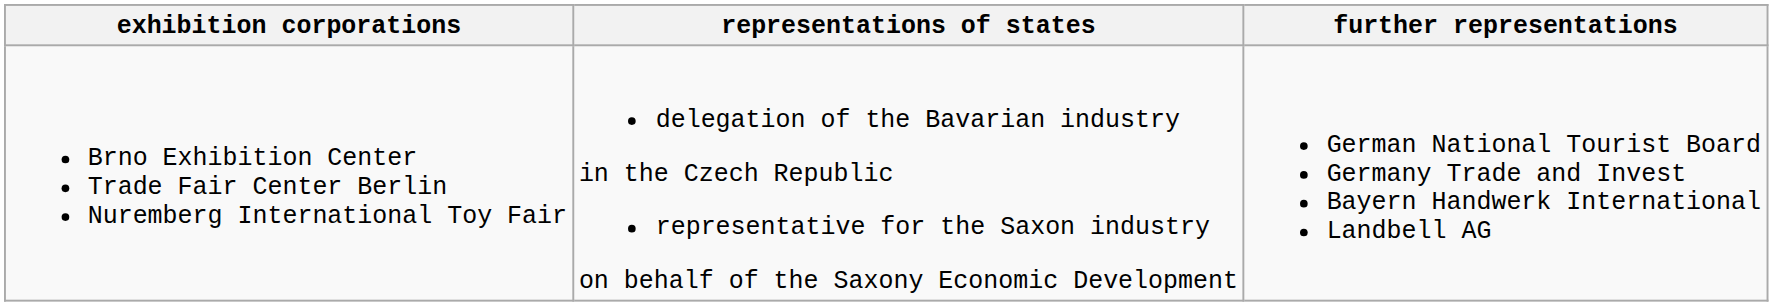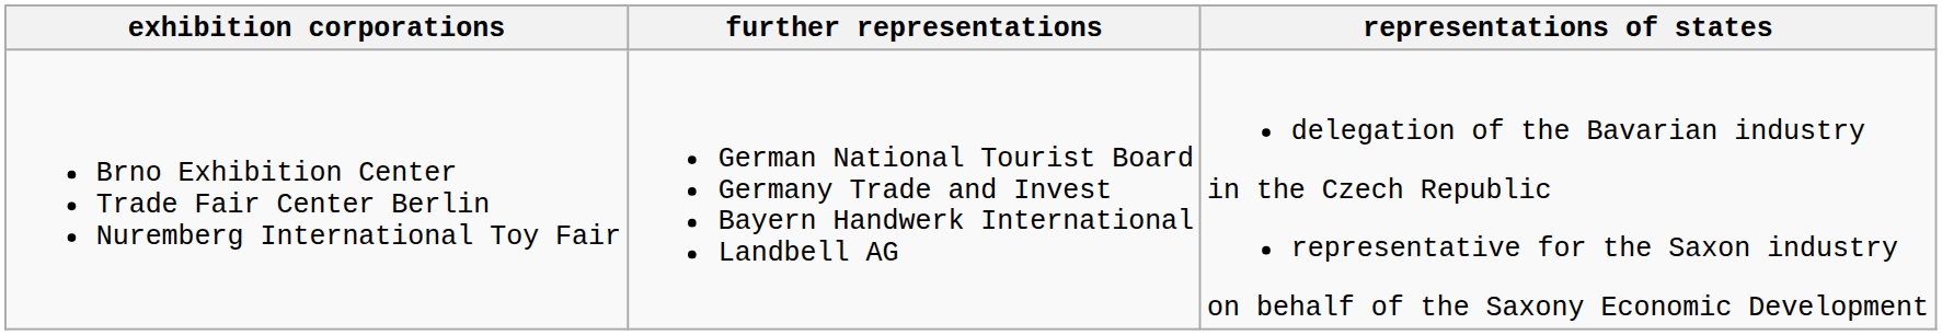 <table class="wikitable">
 <tr>
 <th>exhibition corporations</th>
+<th>further representations</th>
 <th>representations of states</th>
-<th>further representations</th>
 </tr>
 <tr>
 <td><br><ul><li>Brno Exhibition Center</li><li>Trade Fair Center Berlin</li><li>Nuremberg International Toy Fair</li></ul></td>
+<td><br><ul><li>German National Tourist Board</li><li>Germany Trade and Invest</li><li>Bayern Handwerk International</li><li>Landbell AG</li></ul></td>
 <td><br><ul><li>delegation of the Bavarian industry</li></ul>in the Czech Republic<ul><li>representative for the Saxon industry</li></ul>on behalf of the Saxony Economic Development</td>
-<td><br><ul><li>German National Tourist Board</li><li>Germany Trade and Invest</li><li>Bayern Handwerk International</li><li>Landbell AG</li></ul></td>
 </tr>
 </table>
